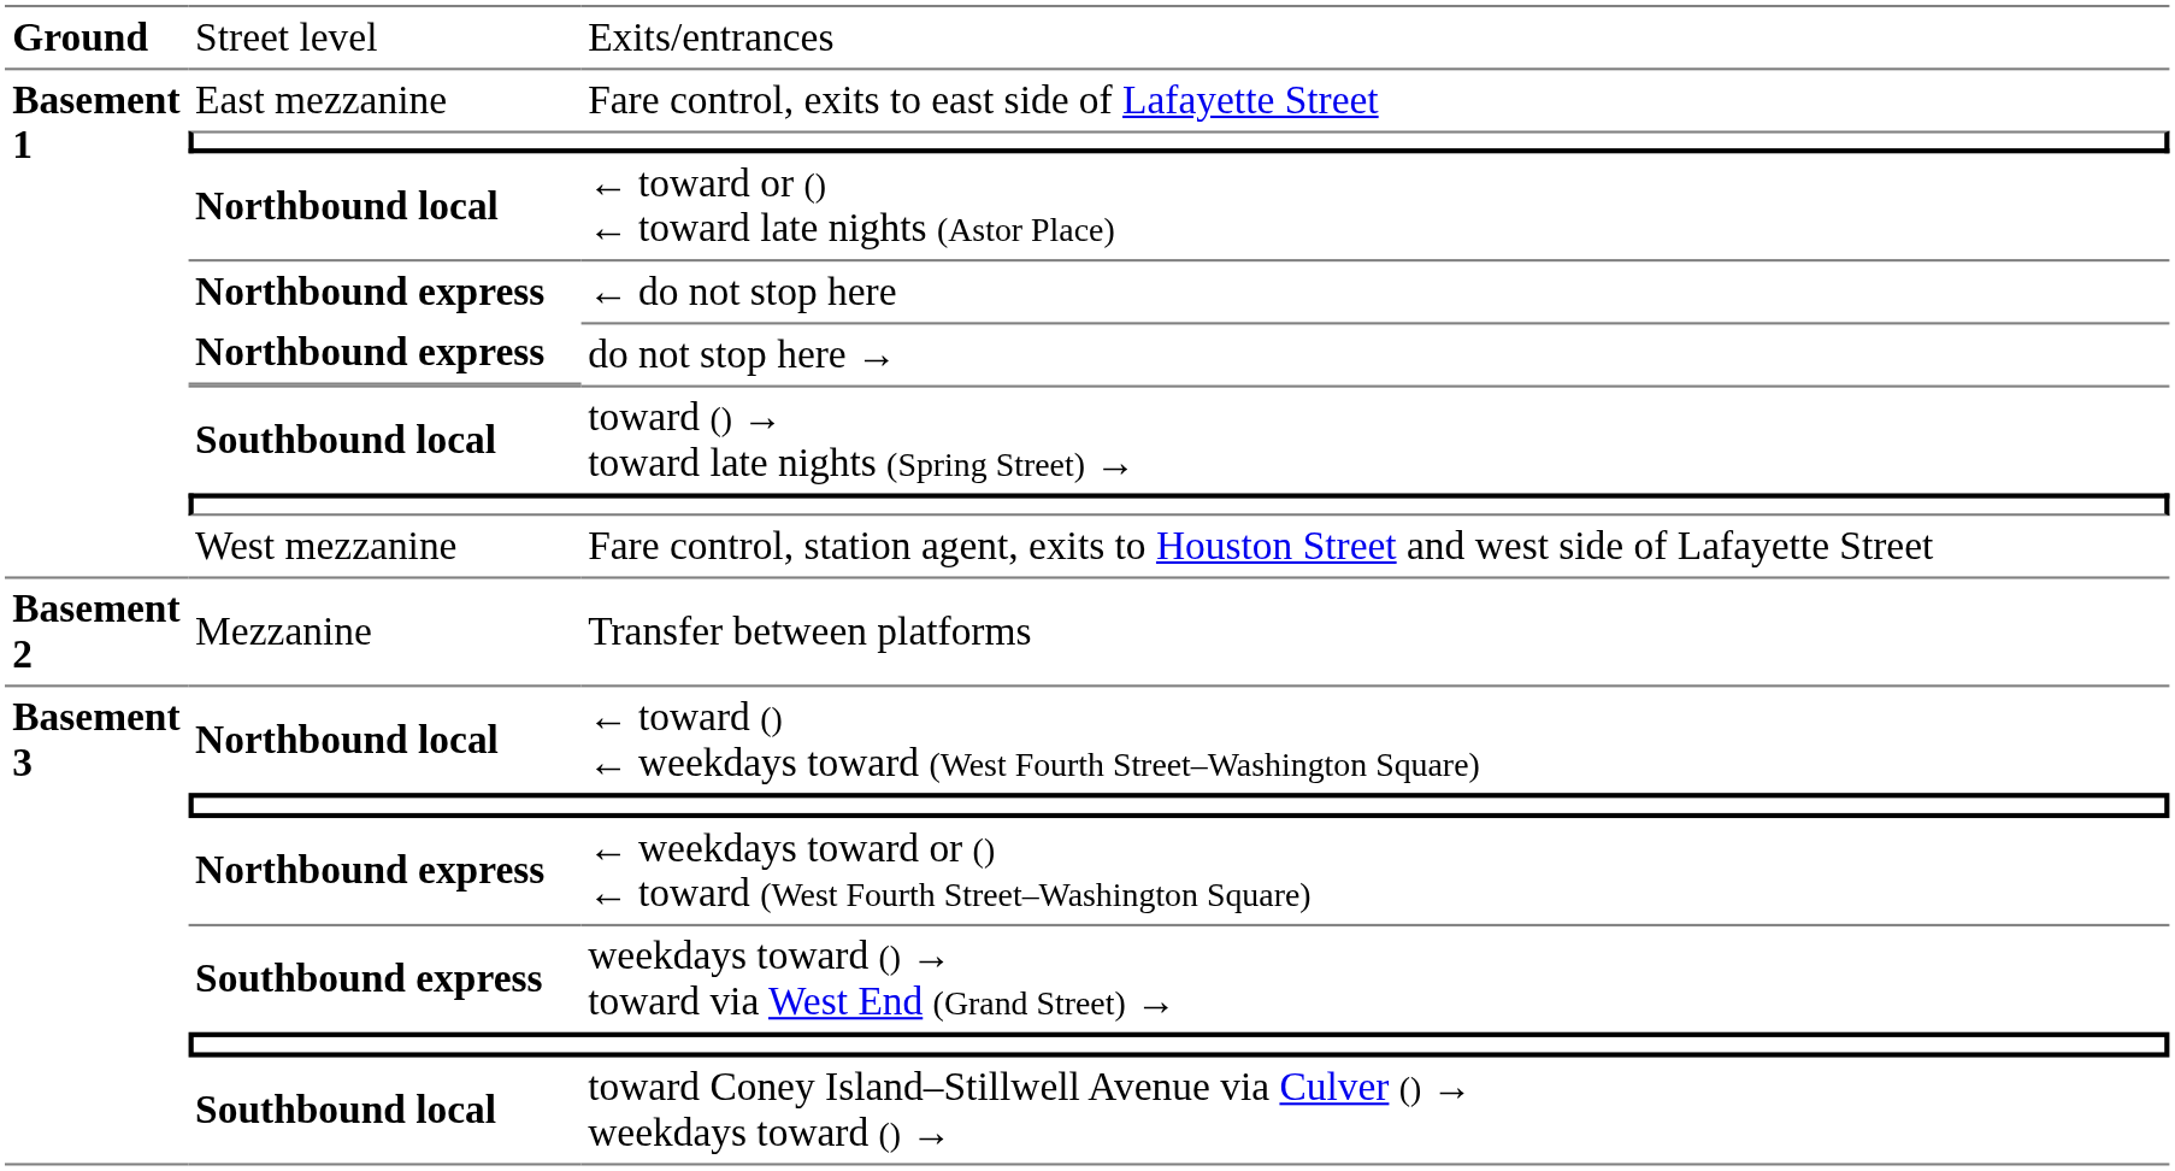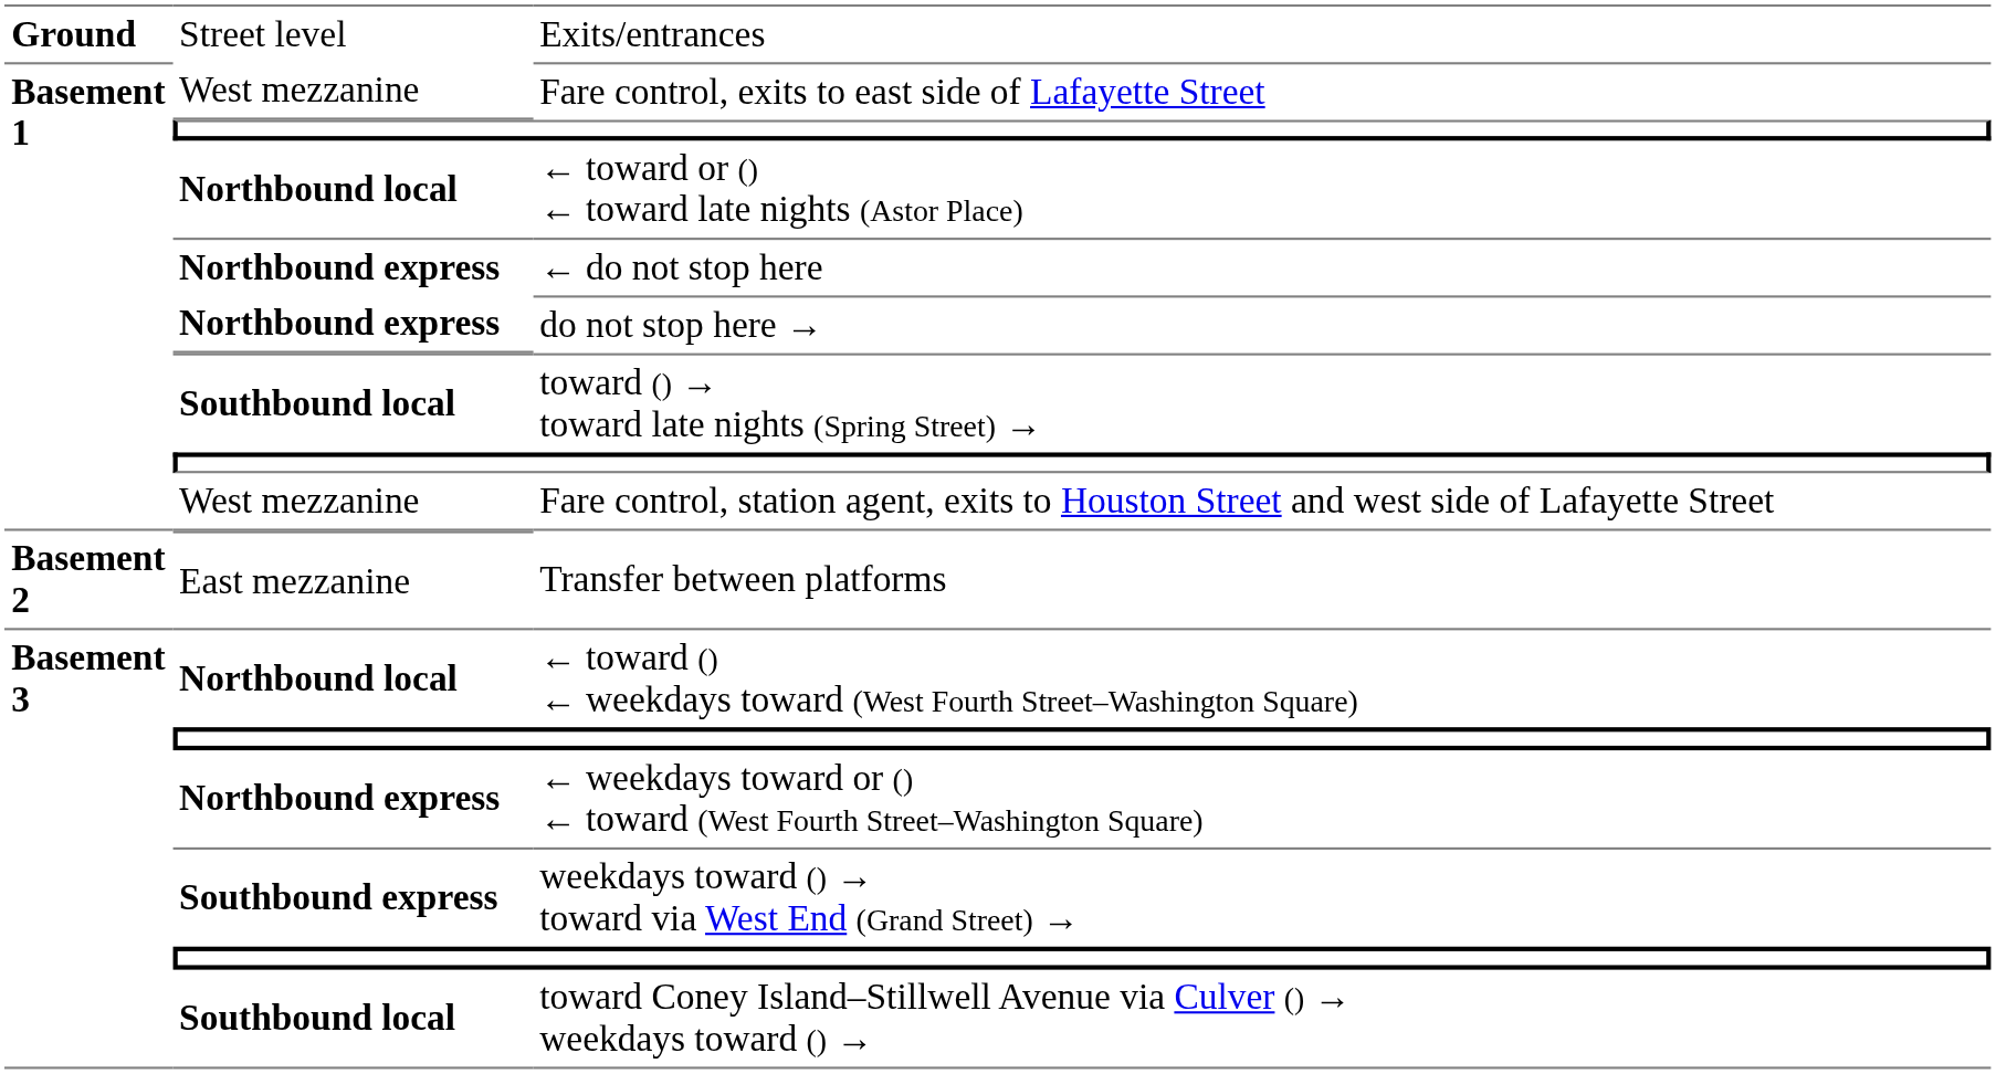 <table table border=0 cellspacing=0 cellpadding=3>
 <tr>
 <td style="border-top:solid 1px gray;" width=50><strong>Ground</strong></td>
 <td style="border-top:solid 1px gray;" width=150>Street level</td>
 <td style="border-top:solid 1px gray;" width=625>Exits/entrances<br></td>
 </tr>
 <tr>
 <td style="border-top:solid 1px gray;border-bottom:solid 1px gray;vertical-align:top;" rowspan=8><strong>Basement 1</strong></td>
-<td style="border-top:solid 1px gray;">East mezzanine</td>
+<td style="border-bottom:solid 1px gray;">West mezzanine</td>
 <td style="border-top:solid 1px gray;">Fare control, exits to east side of <a href='#'>Lafayette Street</a></td>
 </tr>
 <tr>
 <td style="border-top:solid 1px gray;border-right:solid 2px black;border-left:solid 2px black;border-bottom:solid 2px black;text-align:center;" colspan=2></td>
 </tr>
 <tr>
 <td><span><strong>Northbound local</strong></span></td>
 <td>←  toward  or  <small>()</small><br>←  toward  late nights <small>(Astor Place)</small></td>
 </tr>
 <tr>
 <td style="border-top:solid 1px gray;"><span><strong>Northbound express</strong></span></td>
 <td style="border-top:solid 1px gray;">←  do not stop here</td>
 </tr>
 <tr>
 <td style="border-bottom:solid 1px gray;color:#"><strong>Northbound express</strong></td>
 <td style="border-top:solid 1px gray;">  do not stop here →</td>
 </tr>
 <tr>
 <td style="border-top:solid 1px gray;"><span><strong>Southbound local</strong></span></td>
 <td style="border-top:solid 1px gray;">  toward  <small>()</small> →<br>  toward  late nights <small>(Spring Street)</small> →</td>
 </tr>
 <tr>
 <td style="border-bottom:solid 1px gray;border-top:solid 2px black;border-right:solid 2px black;border-left:solid 2px black;text-align:center;" colspan=2></td>
 </tr>
 <tr>
 <td style="border-bottom:solid 1px gray;">West mezzanine</td>
 <td style="border-bottom:solid 1px gray;">Fare control, station agent, exits to <a href='#'>Houston Street</a> and west side of Lafayette Street</td>
 </tr>
 <tr>
 <td><strong>Basement 2</strong></td>
-<td>Mezzanine</td>
+<td style="border-top:solid 1px gray;">East mezzanine</td>
 <td>Transfer between platforms</td>
 </tr>
 <tr>
 <td style="border-top:solid 1px gray;border-bottom:solid 1px gray;vertical-align:top;" rowspan=6><strong>Basement 3</strong></td>
 <td style="border-top:solid 1px gray;color:#"><strong>Northbound local</strong></td>
 <td style="border-top:solid 1px gray;">←  toward  <small>()</small><br>←  weekdays toward  <small>(West Fourth Street–Washington Square)</small></td>
 </tr>
 <tr>
 <td style="border-bottom:solid 2px black;border-top:solid 2px black;border-right:solid 2px black;border-left:solid 2px black;text-align:center;" colspan=2></td>
 </tr>
 <tr>
 <td style="border-bottom:solid 1px gray;color:#"><strong>Northbound express</strong></td>
 <td style="border-bottom:solid 1px gray;">←  weekdays toward  or  <small>()</small><br>←  toward  <small>(West Fourth Street–Washington Square)</small></td>
 </tr>
 <tr>
 <td><span><strong>Southbound express</strong></span></td>
 <td>  weekdays toward  <small>()</small> →<br>  toward  via <a href='#'>West End</a> <small>(Grand Street)</small> →</td>
 </tr>
 <tr>
 <td style="border-bottom:solid 2px black;border-top:solid 2px black;border-right:solid 2px black;border-left:solid 2px black;text-align:center;" colspan=2></td>
 </tr>
 <tr>
 <td style="border-bottom:solid 1px gray;color:#"><strong>Southbound local</strong></td>
 <td style="border-bottom:solid 1px gray;">  toward Coney Island–Stillwell Avenue via <a href='#'>Culver</a> <small>()</small> →<br>  weekdays toward  <small>()</small> →</td>
 </tr>
 </table>
